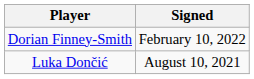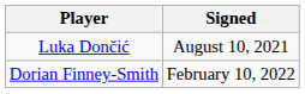 <table class="wikitable sortable sortable">
 <tr>
 <th>Player</th>
 <th>Signed</th>
 </tr>
+<tr style="text-align: center">
+<td><a href='#'>Luka Dončić</a></td>
+<td>August 10, 2021</td>
+</tr>
 <tr>
 <td><a href='#'>Dorian Finney-Smith</a></td>
 <td>February 10, 2022</td>
 </tr>
-<tr style="text-align: center">
-<td><a href='#'>Luka Dončić</a></td>
-<td>August 10, 2021</td>
-</tr>
 </table>
